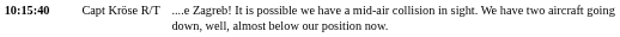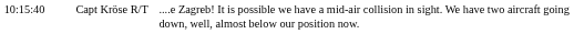 <table style="margin:auto; border:none; font-size:95%;" cellpadding="1">
 <tr>
 <th style="width:6.0em;"></th>
 <th style="width:7.0em;"></th>
 <th style="width:37.0em;"></th>
 </tr>
 <tr style="vertical-align:top;">
-<td><strong>10:15:40</strong></td>
+<td>10:15:40</td>
 <td>Capt Kröse R/T</td>
 <td>....e Zagreb! It is possible we have a mid-air collision in sight. We have two aircraft going down, well, almost below our position now.</td>
 </tr>
 </table>
